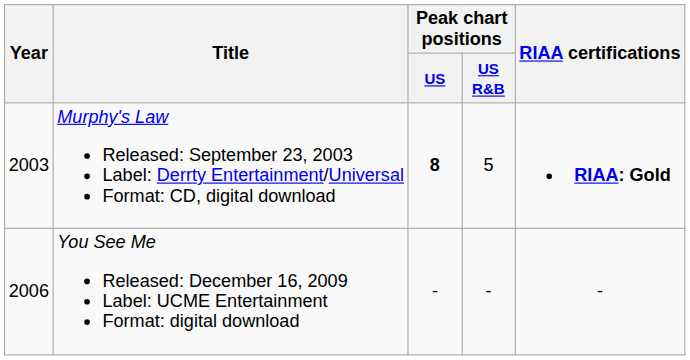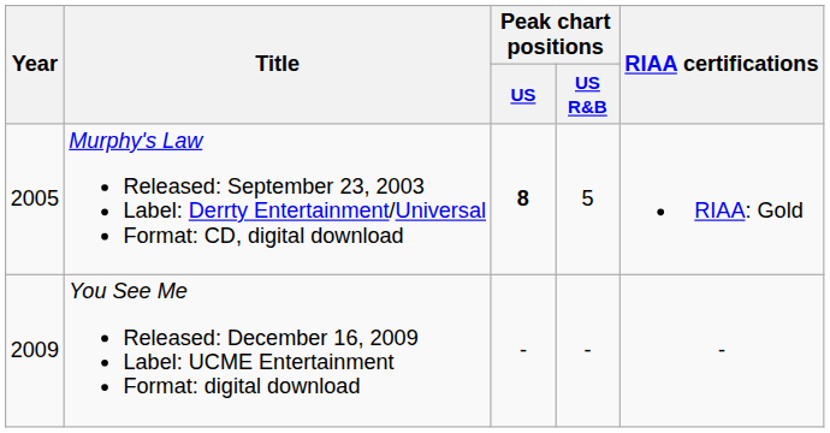 <table class="wikitable">
 <tr>
 <th align="center" rowspan=2>Year</th>
 <th align=center rowspan=2>Title</th>
 <th align=center colspan=2>Peak chart positions</th>
 <th align=center rowspan=2><a href='#'>RIAA</a> certifications</th>
 </tr>
 <tr>
 <th width=40 align=center><small><a href='#'>US</a></small></th>
 <th width=40 align=center><small><a href='#'>US R&B</a></small></th>
 </tr>
 <tr>
-<td align=center>2003</td>
+<td align=center>2005</td>
 <td align="left"><em><a href='#'>Murphy's Law</a></em><br><ul><li>Released: September 23, 2003</li><li>Label: <a href='#'>Derrty Entertainment</a>/<a href='#'>Universal</a></li><li>Format: CD, digital download</li></ul></td>
 <td align=center><strong>8</strong></td>
 <td align=center>5</td>
-<td align=center><strong><br><ul><li><a href='#'>RIAA</a>: Gold</li></ul></strong></td>
+<td align=center><br><ul><li><a href='#'>RIAA</a>: Gold</li></ul></td>
 </tr>
 <tr>
-<td align=center>2006</td>
+<td align=center>2009</td>
 <td align="left"><em>You See Me</em><br><ul><li>Released: December 16, 2009</li><li>Label: UCME Entertainment</li><li>Format: digital download</li></ul></td>
 <td align=center>-</td>
 <td align=center>-</td>
 <td align=center>-</td>
 </tr>
 </table>
